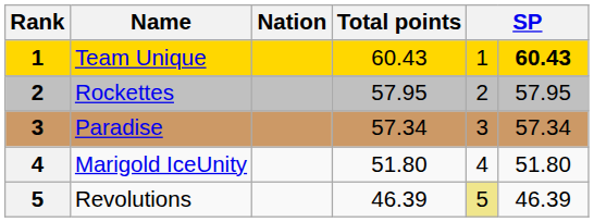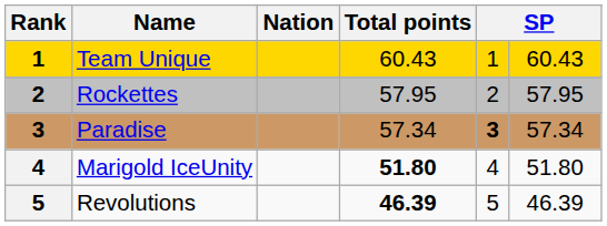 <table class="wikitable sortable">
 <tr>
 <th>Rank</th>
 <th>Name</th>
 <th>Nation</th>
 <th>Total points</th>
 <th colspan="2" width="80px"><a href='#'>SP</a></th>
 </tr>
 <tr bgcolor="gold">
 <td align="center"><strong>1</strong></td>
 <td><a href='#'>Team Unique</a></td>
 <td></td>
 <td align="center">60.43</td>
 <td align="center">1</td>
-<td align="center"><strong>60.43</strong></td>
+<td align="center">60.43</td>
 </tr>
 <tr bgcolor="silver">
 <td align="center"><strong>2</strong></td>
 <td><a href='#'>Rockettes</a></td>
 <td></td>
 <td align="center">57.95</td>
 <td align="center">2</td>
 <td align="center">57.95</td>
 </tr>
 <tr bgcolor="cc9966">
 <td align="center"><strong>3</strong></td>
 <td><a href='#'>Paradise</a></td>
 <td></td>
 <td align="center">57.34</td>
-<td align="center">3</td>
+<td align="center"><strong>3</strong></td>
 <td align="center">57.34</td>
 </tr>
 <tr>
 <th>4</th>
 <td><a href='#'>Marigold IceUnity</a></td>
 <td></td>
-<td align="center">51.80</td>
+<td align="center"><strong>51.80</strong></td>
 <td align="center">4</td>
 <td align="center">51.80</td>
 </tr>
 <tr>
 <th>5</th>
 <td>Revolutions</td>
 <td></td>
-<td align="center">46.39</td>
-<td align="center" style="background: khaki;">5</td>
+<td align="center"><strong>46.39</strong></td>
+<td align="center">5</td>
 <td align="center">46.39</td>
 </tr>
 </table>
